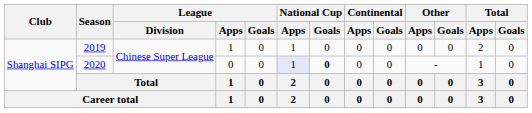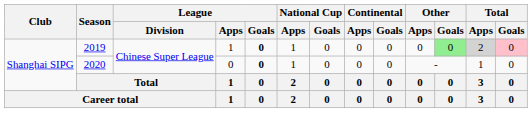 <table class="wikitable" style="text-align: center">
 <tr>
 <th rowspan="2">Club</th>
 <th rowspan="2">Season</th>
 <th colspan="3">League</th>
 <th colspan="2">National Cup</th>
 <th colspan="2">Continental</th>
 <th colspan="2">Other</th>
 <th colspan="2">Total</th>
 </tr>
 <tr>
 <th>Division</th>
 <th>Apps</th>
 <th>Goals</th>
 <th>Apps</th>
 <th>Goals</th>
 <th>Apps</th>
 <th>Goals</th>
 <th>Apps</th>
 <th>Goals</th>
 <th>Apps</th>
 <th>Goals</th>
 </tr>
 <tr>
 <td rowspan=3><a href='#'>Shanghai SIPG</a></td>
 <td><a href='#'>2019</a></td>
 <td rowspan=2><a href='#'>Chinese Super League</a></td>
 <td>1</td>
-<td>0</td>
+<td><strong>0</strong></td>
 <td>1</td>
 <td>0</td>
 <td>0</td>
 <td>0</td>
 <td>0</td>
-<td>0</td>
-<td>2</td>
-<td>0</td>
+<td style="background: lightgreen;">0</td>
+<td style="background: lightgrey;">2</td>
+<td style="background: pink;">0</td>
 </tr>
 <tr>
 <td><a href='#'>2020</a></td>
 <td>0</td>
+<td><strong>0</strong></td>
+<td>1</td>
 <td>0</td>
-<td style="background: lavender;">1</td>
-<td><strong>0</strong></td>
 <td>0</td>
 <td>0</td>
 <td colspan="2">-</td>
 <td>1</td>
 <td>0</td>
 </tr>
 <tr>
 <th colspan=2>Total</th>
 <th>1</th>
 <th>0</th>
 <th>2</th>
 <th>0</th>
 <th>0</th>
 <th>0</th>
 <th>0</th>
 <th>0</th>
 <th>3</th>
 <th>0</th>
 </tr>
 <tr>
 <th colspan=3>Career total</th>
 <th>1</th>
 <th>0</th>
 <th>2</th>
 <th>0</th>
 <th>0</th>
 <th>0</th>
 <th>0</th>
 <th>0</th>
 <th>3</th>
 <th>0</th>
 </tr>
 </table>
